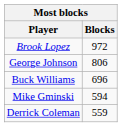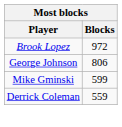 <table class="wikitable sortable" style="text-align:center">
 <tr>
 <th colspan="2" style="text-align:center; ">Most blocks</th>
 </tr>
 <tr>
 <th style="text-align:center; ">Player</th>
 <th style="text-align:center; ">Blocks</th>
 </tr>
 <tr>
 <td><em><a href='#'>Brook Lopez</a></em></td>
 <td>972</td>
 </tr>
 <tr>
 <td><a href='#'>George Johnson</a></td>
 <td>806</td>
 </tr>
 <tr>
-<td><a href='#'>Buck Williams</a></td>
-<td>696</td>
-</tr>
-<tr>
 <td><a href='#'>Mike Gminski</a></td>
-<td>594</td>
+<td>599</td>
 </tr>
 <tr>
 <td><a href='#'>Derrick Coleman</a></td>
 <td>559</td>
 </tr>
 </table>
